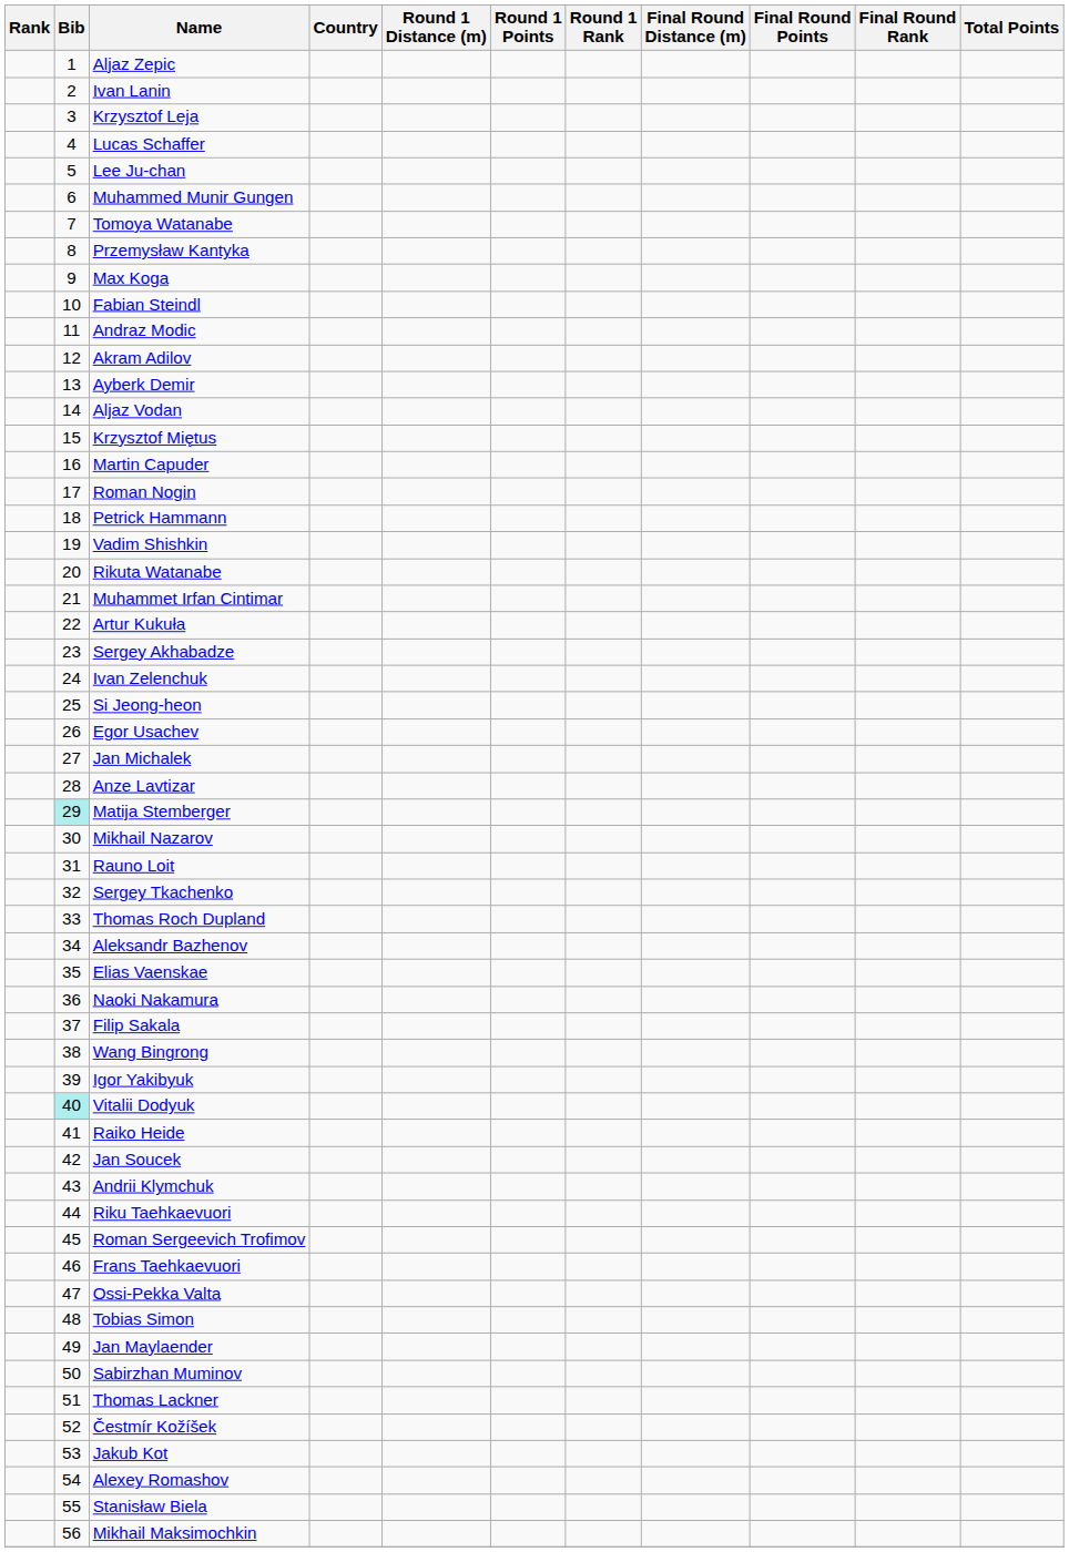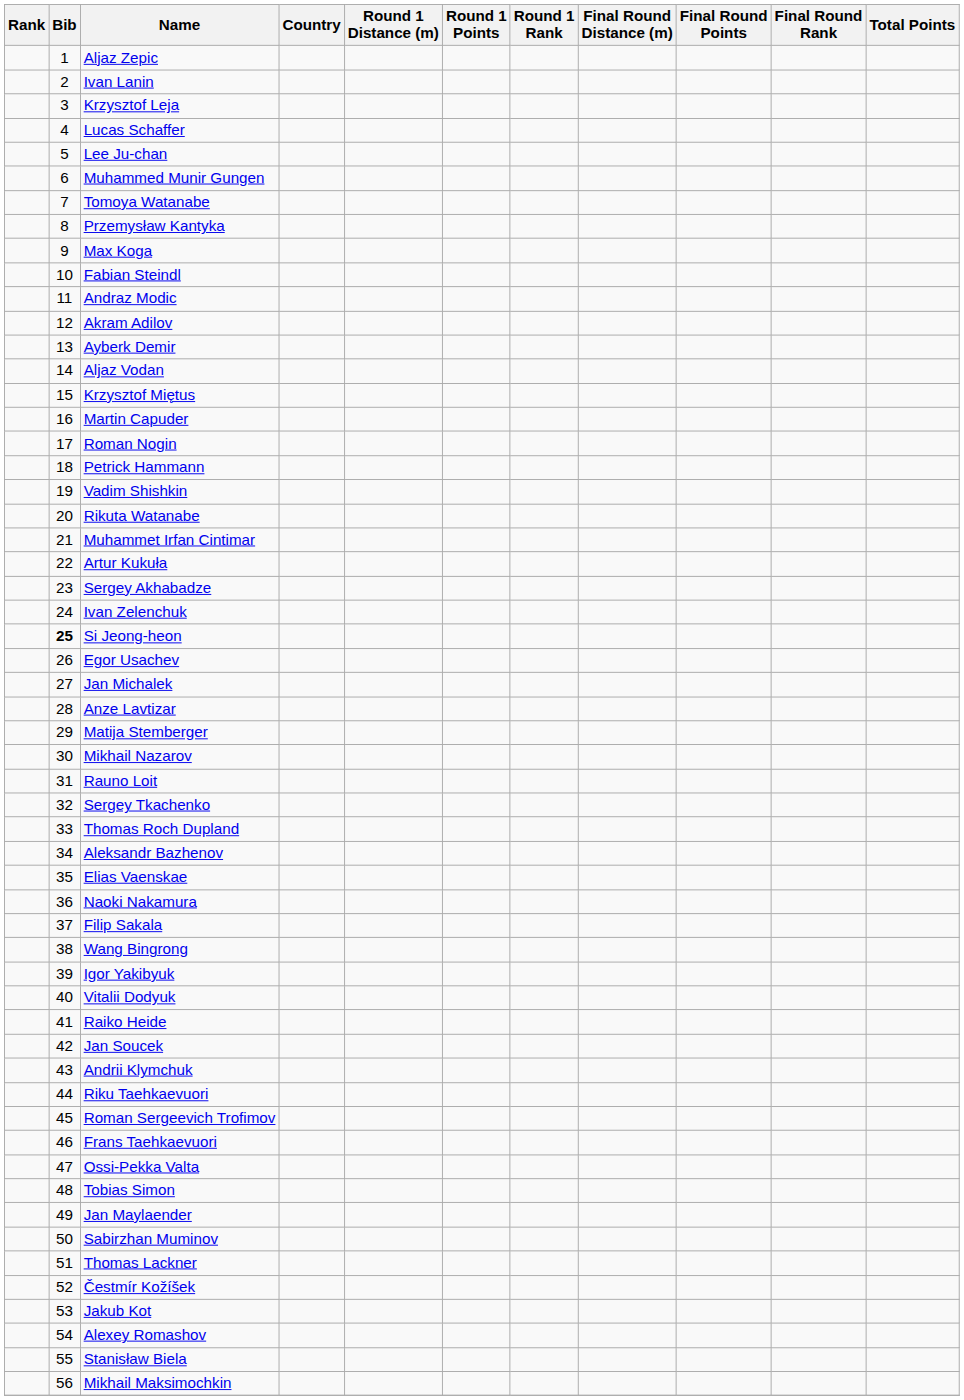 <table class="wikitable sortable" style="text-align:center">
 <tr>
 <th>Rank</th>
 <th>Bib</th>
 <th>Name</th>
 <th>Country</th>
 <th>Round 1<br>Distance (m)</th>
 <th>Round 1<br>Points</th>
 <th>Round 1<br>Rank</th>
 <th>Final Round <br>Distance (m)</th>
 <th>Final Round <br>Points</th>
 <th>Final Round<br> Rank</th>
 <th>Total Points</th>
 </tr>
 <tr>
 <td></td>
 <td>1</td>
 <td align=left><a href='#'>Aljaz Zepic</a></td>
 <td align=left></td>
 <td></td>
 <td></td>
 <td></td>
 <td></td>
 <td></td>
 <td></td>
 <td></td>
 </tr>
 <tr>
 <td></td>
 <td>2</td>
 <td align=left><a href='#'>Ivan Lanin</a></td>
 <td align=left></td>
 <td></td>
 <td></td>
 <td></td>
 <td></td>
 <td></td>
 <td></td>
 <td></td>
 </tr>
 <tr>
 <td></td>
 <td>3</td>
 <td align=left><a href='#'>Krzysztof Leja</a></td>
 <td align=left></td>
 <td></td>
 <td></td>
 <td></td>
 <td></td>
 <td></td>
 <td></td>
 <td></td>
 </tr>
 <tr>
 <td></td>
 <td>4</td>
 <td align=left><a href='#'>Lucas Schaffer</a></td>
 <td align=left></td>
 <td></td>
 <td></td>
 <td></td>
 <td></td>
 <td></td>
 <td></td>
 <td></td>
 </tr>
 <tr>
 <td></td>
 <td>5</td>
 <td align=left><a href='#'>Lee Ju-chan</a></td>
 <td align=left></td>
 <td></td>
 <td></td>
 <td></td>
 <td></td>
 <td></td>
 <td></td>
 <td></td>
 </tr>
 <tr>
 <td></td>
 <td>6</td>
 <td align=left><a href='#'>Muhammed Munir Gungen</a></td>
 <td align=left></td>
 <td></td>
 <td></td>
 <td></td>
 <td></td>
 <td></td>
 <td></td>
 <td></td>
 </tr>
 <tr>
 <td></td>
 <td>7</td>
 <td align=left><a href='#'>Tomoya Watanabe</a></td>
 <td align=left></td>
 <td></td>
 <td></td>
 <td></td>
 <td></td>
 <td></td>
 <td></td>
 <td></td>
 </tr>
 <tr>
 <td></td>
 <td>8</td>
 <td align=left><a href='#'>Przemysław Kantyka</a></td>
 <td align=left></td>
 <td></td>
 <td></td>
 <td></td>
 <td></td>
 <td></td>
 <td></td>
 <td></td>
 </tr>
 <tr>
 <td></td>
 <td>9</td>
 <td align=left><a href='#'>Max Koga</a></td>
 <td align=left></td>
 <td></td>
 <td></td>
 <td></td>
 <td></td>
 <td></td>
 <td></td>
 <td></td>
 </tr>
 <tr>
 <td></td>
 <td>10</td>
 <td align=left><a href='#'>Fabian Steindl</a></td>
 <td align=left></td>
 <td></td>
 <td></td>
 <td></td>
 <td></td>
 <td></td>
 <td></td>
 <td></td>
 </tr>
 <tr>
 <td></td>
 <td>11</td>
 <td align=left><a href='#'>Andraz Modic</a></td>
 <td align=left></td>
 <td></td>
 <td></td>
 <td></td>
 <td></td>
 <td></td>
 <td></td>
 <td></td>
 </tr>
 <tr>
 <td></td>
 <td>12</td>
 <td align=left><a href='#'>Akram Adilov</a></td>
 <td align=left></td>
 <td></td>
 <td></td>
 <td></td>
 <td></td>
 <td></td>
 <td></td>
 <td></td>
 </tr>
 <tr>
 <td></td>
 <td>13</td>
 <td align=left><a href='#'>Ayberk Demir</a></td>
 <td align=left></td>
 <td></td>
 <td></td>
 <td></td>
 <td></td>
 <td></td>
 <td></td>
 <td></td>
 </tr>
 <tr>
 <td></td>
 <td>14</td>
 <td align=left><a href='#'>Aljaz Vodan</a></td>
 <td align=left></td>
 <td></td>
 <td></td>
 <td></td>
 <td></td>
 <td></td>
 <td></td>
 <td></td>
 </tr>
 <tr>
 <td></td>
 <td>15</td>
 <td align=left><a href='#'>Krzysztof Miętus</a></td>
 <td align=left></td>
 <td></td>
 <td></td>
 <td></td>
 <td></td>
 <td></td>
 <td></td>
 <td></td>
 </tr>
 <tr>
 <td></td>
 <td>16</td>
 <td align=left><a href='#'>Martin Capuder</a></td>
 <td align=left></td>
 <td></td>
 <td></td>
 <td></td>
 <td></td>
 <td></td>
 <td></td>
 <td></td>
 </tr>
 <tr>
 <td></td>
 <td>17</td>
 <td align=left><a href='#'>Roman Nogin</a></td>
 <td align=left></td>
 <td></td>
 <td></td>
 <td></td>
 <td></td>
 <td></td>
 <td></td>
 <td></td>
 </tr>
 <tr>
 <td></td>
 <td>18</td>
 <td align=left><a href='#'>Petrick Hammann</a></td>
 <td align=left></td>
 <td></td>
 <td></td>
 <td></td>
 <td></td>
 <td></td>
 <td></td>
 <td></td>
 </tr>
 <tr>
 <td></td>
 <td>19</td>
 <td align=left><a href='#'>Vadim Shishkin</a></td>
 <td align=left></td>
 <td></td>
 <td></td>
 <td></td>
 <td></td>
 <td></td>
 <td></td>
 <td></td>
 </tr>
 <tr>
 <td></td>
 <td>20</td>
 <td align=left><a href='#'>Rikuta Watanabe</a></td>
 <td align=left></td>
 <td></td>
 <td></td>
 <td></td>
 <td></td>
 <td></td>
 <td></td>
 <td></td>
 </tr>
 <tr>
 <td></td>
 <td>21</td>
 <td align=left><a href='#'>Muhammet Irfan Cintimar</a></td>
 <td align=left></td>
 <td></td>
 <td></td>
 <td></td>
 <td></td>
 <td></td>
 <td></td>
 <td></td>
 </tr>
 <tr>
 <td></td>
 <td>22</td>
 <td align=left><a href='#'>Artur Kukuła</a></td>
 <td align=left></td>
 <td></td>
 <td></td>
 <td></td>
 <td></td>
 <td></td>
 <td></td>
 <td></td>
 </tr>
 <tr>
 <td></td>
 <td>23</td>
 <td align=left><a href='#'>Sergey Akhabadze</a></td>
 <td align=left></td>
 <td></td>
 <td></td>
 <td></td>
 <td></td>
 <td></td>
 <td></td>
 <td></td>
 </tr>
 <tr>
 <td></td>
 <td>24</td>
 <td align=left><a href='#'>Ivan Zelenchuk</a></td>
 <td align=left></td>
 <td></td>
 <td></td>
 <td></td>
 <td></td>
 <td></td>
 <td></td>
 <td></td>
 </tr>
 <tr>
 <td></td>
-<td>25</td>
+<td><strong>25</strong></td>
 <td align=left><a href='#'>Si Jeong-heon</a></td>
 <td align=left></td>
 <td></td>
 <td></td>
 <td></td>
 <td></td>
 <td></td>
 <td></td>
 <td></td>
 </tr>
 <tr>
 <td></td>
 <td>26</td>
 <td align=left><a href='#'>Egor Usachev</a></td>
 <td align=left></td>
 <td></td>
 <td></td>
 <td></td>
 <td></td>
 <td></td>
 <td></td>
 <td></td>
 </tr>
 <tr>
 <td></td>
 <td>27</td>
 <td align=left><a href='#'>Jan Michalek</a></td>
 <td align=left></td>
 <td></td>
 <td></td>
 <td></td>
 <td></td>
 <td></td>
 <td></td>
 <td></td>
 </tr>
 <tr>
 <td></td>
 <td>28</td>
 <td align=left><a href='#'>Anze Lavtizar</a></td>
 <td align=left></td>
 <td></td>
 <td></td>
 <td></td>
 <td></td>
 <td></td>
 <td></td>
 <td></td>
 </tr>
 <tr>
 <td></td>
-<td style="background: paleturquoise;">29</td>
+<td>29</td>
 <td align=left><a href='#'>Matija Stemberger</a></td>
 <td align=left></td>
 <td></td>
 <td></td>
 <td></td>
 <td></td>
 <td></td>
 <td></td>
 <td></td>
 </tr>
 <tr>
 <td></td>
 <td>30</td>
 <td align=left><a href='#'>Mikhail Nazarov</a></td>
 <td align=left></td>
 <td></td>
 <td></td>
 <td></td>
 <td></td>
 <td></td>
 <td></td>
 <td></td>
 </tr>
 <tr>
 <td></td>
 <td>31</td>
 <td align=left><a href='#'>Rauno Loit</a></td>
 <td align=left></td>
 <td></td>
 <td></td>
 <td></td>
 <td></td>
 <td></td>
 <td></td>
 <td></td>
 </tr>
 <tr>
 <td></td>
 <td>32</td>
 <td align=left><a href='#'>Sergey Tkachenko</a></td>
 <td align=left></td>
 <td></td>
 <td></td>
 <td></td>
 <td></td>
 <td></td>
 <td></td>
 <td></td>
 </tr>
 <tr>
 <td></td>
 <td>33</td>
 <td align=left><a href='#'>Thomas Roch Dupland</a></td>
 <td align=left></td>
 <td></td>
 <td></td>
 <td></td>
 <td></td>
 <td></td>
 <td></td>
 <td></td>
 </tr>
 <tr>
 <td></td>
 <td>34</td>
 <td align=left><a href='#'>Aleksandr Bazhenov</a></td>
 <td align=left></td>
 <td></td>
 <td></td>
 <td></td>
 <td></td>
 <td></td>
 <td></td>
 <td></td>
 </tr>
 <tr>
 <td></td>
 <td>35</td>
 <td align=left><a href='#'>Elias Vaenskae</a></td>
 <td align=left></td>
 <td></td>
 <td></td>
 <td></td>
 <td></td>
 <td></td>
 <td></td>
 <td></td>
 </tr>
 <tr>
 <td></td>
 <td>36</td>
 <td align=left><a href='#'>Naoki Nakamura</a></td>
 <td align=left></td>
 <td></td>
 <td></td>
 <td></td>
 <td></td>
 <td></td>
 <td></td>
 <td></td>
 </tr>
 <tr>
 <td></td>
 <td>37</td>
 <td align=left><a href='#'>Filip Sakala</a></td>
 <td align=left></td>
 <td></td>
 <td></td>
 <td></td>
 <td></td>
 <td></td>
 <td></td>
 <td></td>
 </tr>
 <tr>
 <td></td>
 <td>38</td>
 <td align=left><a href='#'>Wang Bingrong</a></td>
 <td align=left></td>
 <td></td>
 <td></td>
 <td></td>
 <td></td>
 <td></td>
 <td></td>
 <td></td>
 </tr>
 <tr>
 <td></td>
 <td>39</td>
 <td align=left><a href='#'>Igor Yakibyuk</a></td>
 <td align=left></td>
 <td></td>
 <td></td>
 <td></td>
 <td></td>
 <td></td>
 <td></td>
 <td></td>
 </tr>
 <tr>
 <td></td>
-<td style="background: paleturquoise;">40</td>
+<td>40</td>
 <td align=left><a href='#'>Vitalii Dodyuk</a></td>
 <td align=left></td>
 <td></td>
 <td></td>
 <td></td>
 <td></td>
 <td></td>
 <td></td>
 <td></td>
 </tr>
 <tr>
 <td></td>
 <td>41</td>
 <td align=left><a href='#'>Raiko Heide</a></td>
 <td align=left></td>
 <td></td>
 <td></td>
 <td></td>
 <td></td>
 <td></td>
 <td></td>
 <td></td>
 </tr>
 <tr>
 <td></td>
 <td>42</td>
 <td align=left><a href='#'>Jan Soucek</a></td>
 <td align=left></td>
 <td></td>
 <td></td>
 <td></td>
 <td></td>
 <td></td>
 <td></td>
 <td></td>
 </tr>
 <tr>
 <td></td>
 <td>43</td>
 <td align=left><a href='#'>Andrii Klymchuk</a></td>
 <td align=left></td>
 <td></td>
 <td></td>
 <td></td>
 <td></td>
 <td></td>
 <td></td>
 <td></td>
 </tr>
 <tr>
 <td></td>
 <td>44</td>
 <td align=left><a href='#'>Riku Taehkaevuori</a></td>
 <td align=left></td>
 <td></td>
 <td></td>
 <td></td>
 <td></td>
 <td></td>
 <td></td>
 <td></td>
 </tr>
 <tr>
 <td></td>
 <td>45</td>
 <td align=left><a href='#'>Roman Sergeevich Trofimov</a></td>
 <td align=left></td>
 <td></td>
 <td></td>
 <td></td>
 <td></td>
 <td></td>
 <td></td>
 <td></td>
 </tr>
 <tr>
 <td></td>
 <td>46</td>
 <td align=left><a href='#'>Frans Taehkaevuori</a></td>
 <td align=left></td>
 <td></td>
 <td></td>
 <td></td>
 <td></td>
 <td></td>
 <td></td>
 <td></td>
 </tr>
 <tr>
 <td></td>
 <td>47</td>
 <td align=left><a href='#'>Ossi-Pekka Valta</a></td>
 <td align=left></td>
 <td></td>
 <td></td>
 <td></td>
 <td></td>
 <td></td>
 <td></td>
 <td></td>
 </tr>
 <tr>
 <td></td>
 <td>48</td>
 <td align=left><a href='#'>Tobias Simon</a></td>
 <td align=left></td>
 <td></td>
 <td></td>
 <td></td>
 <td></td>
 <td></td>
 <td></td>
 <td></td>
 </tr>
 <tr>
 <td></td>
 <td>49</td>
 <td align=left><a href='#'>Jan Maylaender</a></td>
 <td align=left></td>
 <td></td>
 <td></td>
 <td></td>
 <td></td>
 <td></td>
 <td></td>
 <td></td>
 </tr>
 <tr>
 <td></td>
 <td>50</td>
 <td align=left><a href='#'>Sabirzhan Muminov</a></td>
 <td align=left></td>
 <td></td>
 <td></td>
 <td></td>
 <td></td>
 <td></td>
 <td></td>
 <td></td>
 </tr>
 <tr>
 <td></td>
 <td>51</td>
 <td align=left><a href='#'>Thomas Lackner</a></td>
 <td align=left></td>
 <td></td>
 <td></td>
 <td></td>
 <td></td>
 <td></td>
 <td></td>
 <td></td>
 </tr>
 <tr>
 <td></td>
 <td>52</td>
 <td align=left><a href='#'>Čestmír Kožíšek</a></td>
 <td align=left></td>
 <td></td>
 <td></td>
 <td></td>
 <td></td>
 <td></td>
 <td></td>
 <td></td>
 </tr>
 <tr>
 <td></td>
 <td>53</td>
 <td align=left><a href='#'>Jakub Kot</a></td>
 <td align=left></td>
 <td></td>
 <td></td>
 <td></td>
 <td></td>
 <td></td>
 <td></td>
 <td></td>
 </tr>
 <tr>
 <td></td>
 <td>54</td>
 <td align=left><a href='#'>Alexey Romashov</a></td>
 <td align=left></td>
 <td></td>
 <td></td>
 <td></td>
 <td></td>
 <td></td>
 <td></td>
 <td></td>
 </tr>
 <tr>
 <td></td>
 <td>55</td>
 <td align=left><a href='#'>Stanisław Biela</a></td>
 <td align=left></td>
 <td></td>
 <td></td>
 <td></td>
 <td></td>
 <td></td>
 <td></td>
 <td></td>
 </tr>
 <tr>
 <td></td>
 <td>56</td>
 <td align=left><a href='#'>Mikhail Maksimochkin</a></td>
 <td align=left></td>
 <td></td>
 <td></td>
 <td></td>
 <td></td>
 <td></td>
 <td></td>
 <td></td>
 </tr>
 <tr>
 </tr>
 </table>
